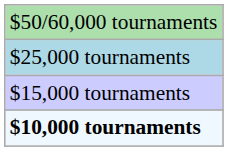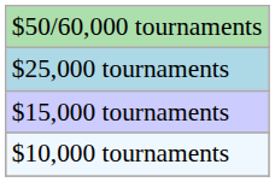 <table class="wikitable" style="font-size:85%">
 <tr style="background:#addfad;">
 <td>$50/60,000 tournaments</td>
 </tr>
 <tr style="background:lightblue;">
 <td>$25,000 tournaments</td>
 </tr>
 <tr style="background:#ccccff;">
 <td>$15,000 tournaments</td>
 </tr>
 <tr style="background:#f0f8ff;">
-<td><strong>$10,000 tournaments</strong></td>
+<td>$10,000 tournaments</td>
 </tr>
 </table>
